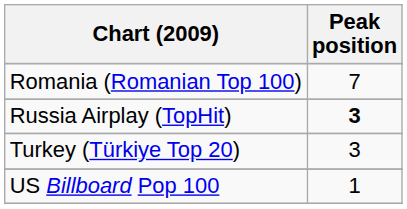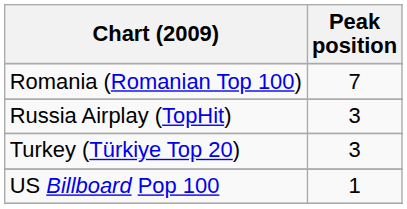 <table class="wikitable sortable">
 <tr>
 <th>Chart (2009)</th>
 <th>Peak<br>position</th>
 </tr>
 <tr>
 </tr>
 <tr>
 </tr>
 <tr>
 </tr>
 <tr>
 </tr>
 <tr>
 </tr>
 <tr>
 </tr>
 <tr>
 </tr>
 <tr>
 </tr>
 <tr>
 </tr>
 <tr>
 </tr>
 <tr>
 </tr>
 <tr>
 </tr>
 <tr>
 <td>Romania (<a href='#'>Romanian Top 100</a>)</td>
 <td style="text-align:center;">7</td>
 </tr>
 <tr>
 </tr>
 <tr>
 <td>Russia Airplay (<a href='#'>TopHit</a>)</td>
-<td style="text-align:center;"><strong>3</strong></td>
+<td style="text-align:center;">3</td>
 </tr>
 <tr>
 </tr>
 <tr>
 </tr>
 <tr>
 <td>Turkey (<a href='#'>Türkiye Top 20</a>)</td>
 <td style="text-align:center;">3</td>
 </tr>
 <tr>
 </tr>
 <tr>
 </tr>
 <tr>
 </tr>
 <tr>
 <td>US <em><a href='#'>Billboard</a></em> <a href='#'>Pop 100</a></td>
 <td style="text-align:center;">1</td>
 </tr>
 <tr>
 </tr>
 <tr>
 </tr>
 <tr>
 </tr>
 <tr>
 </tr>
 </table>
